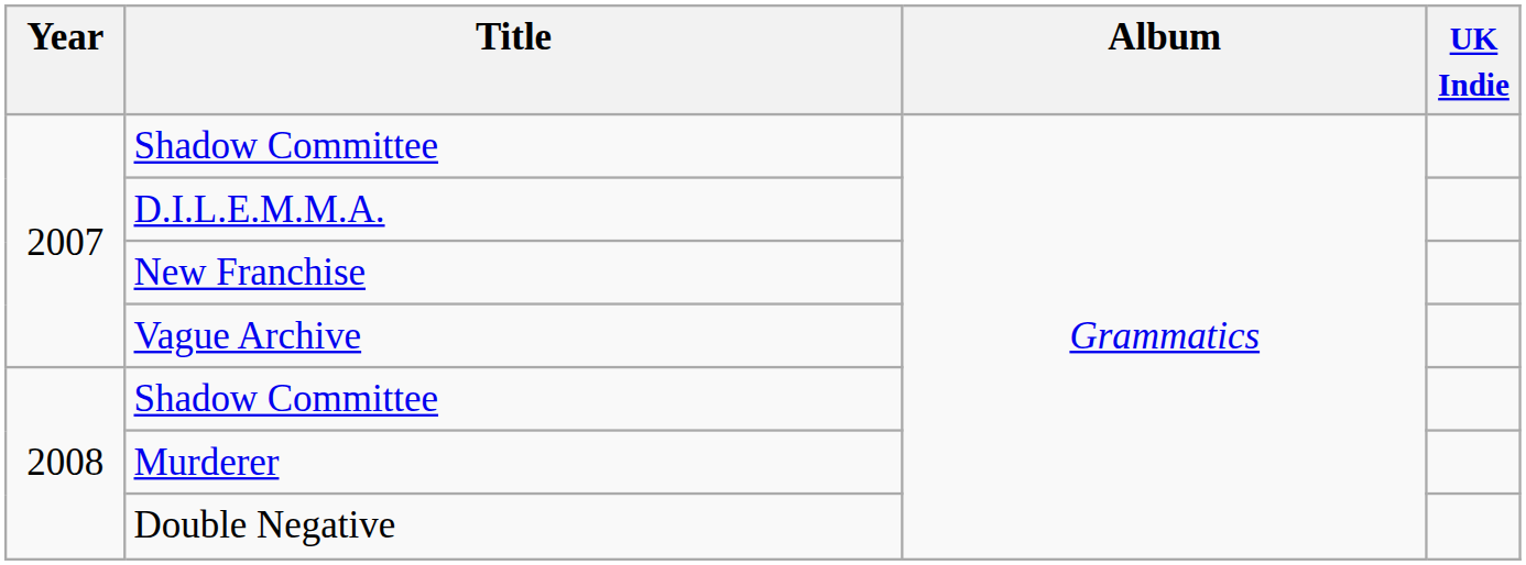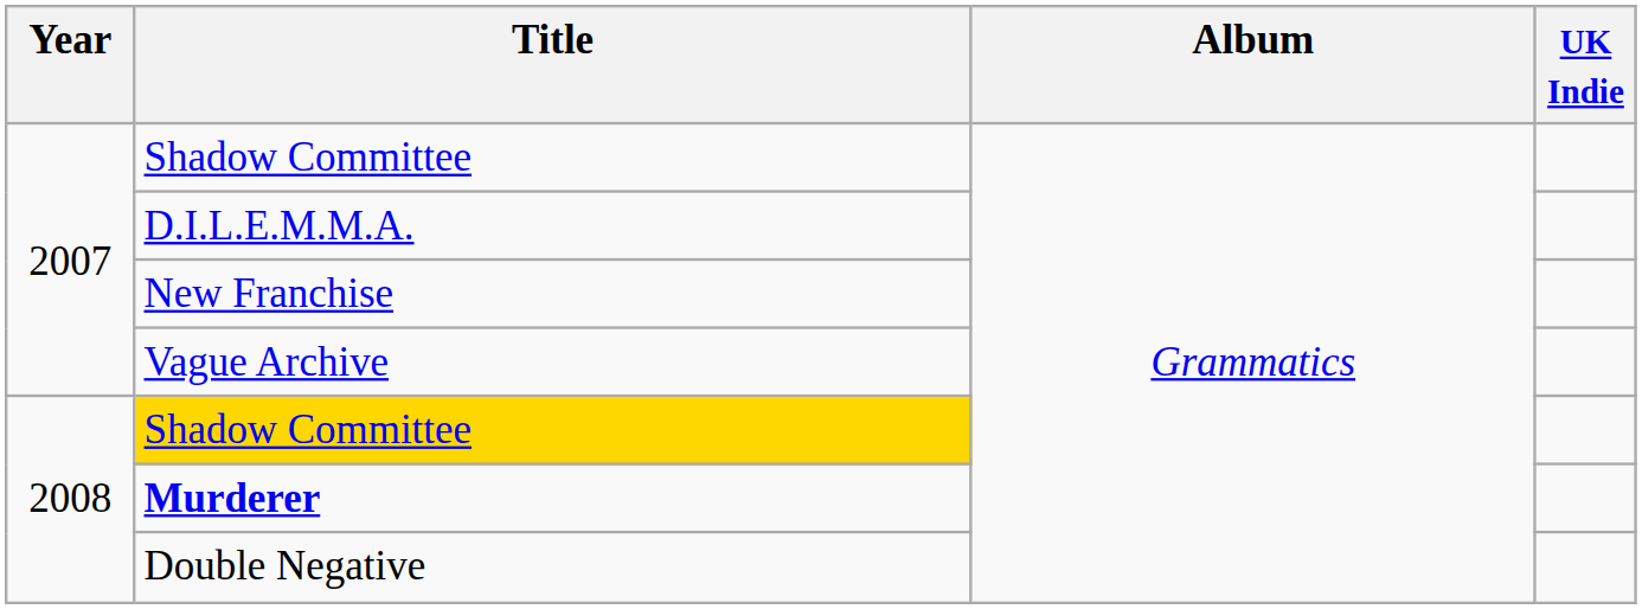 <table class="wikitable" style="text-align:center; font-size:95%;">
 <tr>
 <th valign="top" width="40">Year</th>
 <th valign="top" width="300">Title</th>
 <th valign="top" width="200">Album</th>
 <th valign="top" width="30"><small><a href='#'>UK Indie</a></small></th>
 </tr>
 <tr>
 <td rowspan=4>2007</td>
 <td align="left"><a href='#'>Shadow Committee</a></td>
 <td align="centre" rowspan=8><em><a href='#'>Grammatics</a></em></td>
 <td></td>
 </tr>
 <tr>
 <td align="left"><a href='#'>D.I.L.E.M.M.A.</a></td>
 <td></td>
 </tr>
 <tr>
 <td align="left"><a href='#'>New Franchise</a></td>
 <td></td>
 </tr>
 <tr>
 <td align="left"><a href='#'>Vague Archive</a></td>
 <td></td>
 </tr>
 <tr>
 <td rowspan=3>2008</td>
-<td align="left"><a href='#'>Shadow Committee</a></td>
+<td align="left" style="background: gold;"><a href='#'>Shadow Committee</a></td>
 <td></td>
 </tr>
 <tr>
-<td align="left"><a href='#'>Murderer</a></td>
+<td align="left"><strong><a href='#'>Murderer</a></strong></td>
 <td></td>
 </tr>
 <tr>
 <td align="left">Double Negative</td>
 <td></td>
 </tr>
 </table>
